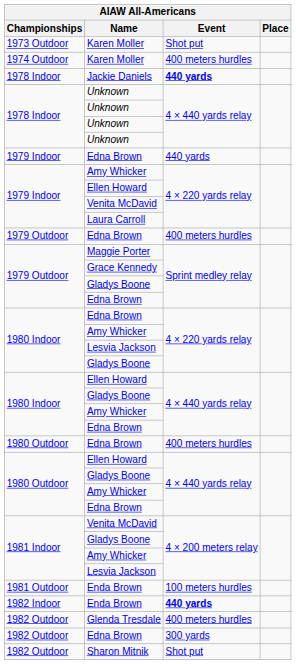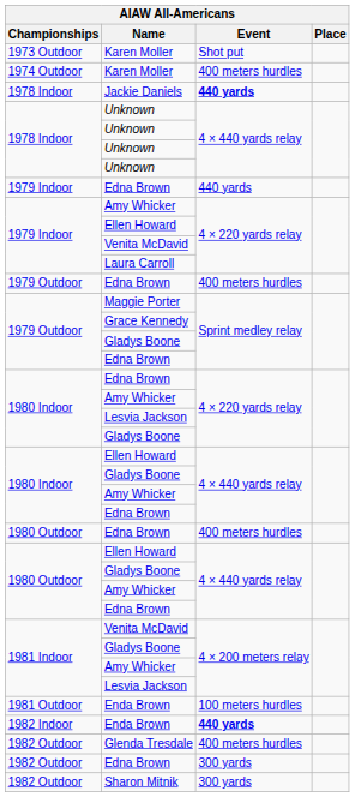 <table class="wikitable sortable">
 <tr>
 <th colspan="5">AIAW All-Americans</th>
 </tr>
 <tr>
 <th scope="col">Championships</th>
 <th scope="col">Name</th>
 <th scope="col">Event</th>
 <th scope="col">Place</th>
 </tr>
 <tr>
 <td><a href='#'>1973 Outdoor</a></td>
 <td><a href='#'>Karen Moller</a></td>
 <td><a href='#'>Shot put</a></td>
 <td></td>
 </tr>
 <tr>
 <td><a href='#'>1974 Outdoor</a></td>
 <td><a href='#'>Karen Moller</a></td>
 <td><a href='#'>400 meters hurdles</a></td>
 <td></td>
 </tr>
 <tr>
 <td><a href='#'>1978 Indoor</a></td>
 <td><a href='#'>Jackie Daniels</a></td>
 <td><strong><a href='#'>440 yards</a></strong></td>
 <td></td>
 </tr>
 <tr>
 <td rowspan=4><a href='#'>1978 Indoor</a></td>
 <td><em>Unknown</em></td>
 <td rowspan=4><a href='#'>4 × 440 yards relay</a></td>
 <td rowspan=4></td>
 </tr>
 <tr>
 <td><em>Unknown</em></td>
 </tr>
 <tr>
 <td><em>Unknown</em></td>
 </tr>
 <tr>
 <td><em>Unknown</em></td>
 </tr>
 <tr>
 <td><a href='#'>1979 Indoor</a></td>
 <td><a href='#'>Edna Brown</a></td>
 <td><a href='#'>440 yards</a></td>
 <td></td>
 </tr>
 <tr>
 <td rowspan=4><a href='#'>1979 Indoor</a></td>
 <td><a href='#'>Amy Whicker</a></td>
 <td rowspan=4><a href='#'>4 × 220 yards relay</a></td>
 <td rowspan=4></td>
 </tr>
 <tr>
 <td><a href='#'>Ellen Howard</a></td>
 </tr>
 <tr>
 <td><a href='#'>Venita McDavid</a></td>
 </tr>
 <tr>
 <td><a href='#'>Laura Carroll</a></td>
 </tr>
 <tr>
 <td><a href='#'>1979 Outdoor</a></td>
 <td><a href='#'>Edna Brown</a></td>
 <td><a href='#'>400 meters hurdles</a></td>
 <td></td>
 </tr>
 <tr>
 <td rowspan=4><a href='#'>1979 Outdoor</a></td>
 <td><a href='#'>Maggie Porter</a></td>
 <td rowspan=4><a href='#'>Sprint medley relay</a></td>
 <td rowspan=4></td>
 </tr>
 <tr>
 <td><a href='#'>Grace Kennedy</a></td>
 </tr>
 <tr>
 <td><a href='#'>Gladys Boone</a></td>
 </tr>
 <tr>
 <td><a href='#'>Edna Brown</a></td>
 </tr>
 <tr>
 <td rowspan=4><a href='#'>1980 Indoor</a></td>
 <td><a href='#'>Edna Brown</a></td>
 <td rowspan=4><a href='#'>4 × 220 yards relay</a></td>
 <td rowspan=4></td>
 </tr>
 <tr>
 <td><a href='#'>Amy Whicker</a></td>
 </tr>
 <tr>
 <td><a href='#'>Lesvia Jackson</a></td>
 </tr>
 <tr>
 <td><a href='#'>Gladys Boone</a></td>
 </tr>
 <tr>
 <td rowspan=4><a href='#'>1980 Indoor</a></td>
 <td><a href='#'>Ellen Howard</a></td>
 <td rowspan=4><a href='#'>4 × 440 yards relay</a></td>
 <td rowspan=4></td>
 </tr>
 <tr>
 <td><a href='#'>Gladys Boone</a></td>
 </tr>
 <tr>
 <td><a href='#'>Amy Whicker</a></td>
 </tr>
 <tr>
 <td><a href='#'>Edna Brown</a></td>
 </tr>
 <tr>
 <td><a href='#'>1980 Outdoor</a></td>
 <td><a href='#'>Edna Brown</a></td>
 <td><a href='#'>400 meters hurdles</a></td>
 <td></td>
 </tr>
 <tr>
 <td rowspan=4><a href='#'>1980 Outdoor</a></td>
 <td><a href='#'>Ellen Howard</a></td>
 <td rowspan=4><a href='#'>4 × 440 yards relay</a></td>
 <td rowspan=4></td>
 </tr>
 <tr>
 <td><a href='#'>Gladys Boone</a></td>
 </tr>
 <tr>
 <td><a href='#'>Amy Whicker</a></td>
 </tr>
 <tr>
 <td><a href='#'>Edna Brown</a></td>
 </tr>
 <tr>
 <td rowspan=4><a href='#'>1981 Indoor</a></td>
 <td><a href='#'>Venita McDavid</a></td>
 <td rowspan=4><a href='#'>4 × 200 meters relay</a></td>
 <td rowspan=4></td>
 </tr>
 <tr>
 <td><a href='#'>Gladys Boone</a></td>
 </tr>
 <tr>
 <td><a href='#'>Amy Whicker</a></td>
 </tr>
 <tr>
 <td><a href='#'>Lesvia Jackson</a></td>
 </tr>
 <tr>
 <td><a href='#'>1981 Outdoor</a></td>
 <td><a href='#'>Enda Brown</a></td>
 <td><a href='#'>100 meters hurdles</a></td>
 <td></td>
 </tr>
 <tr>
 <td><a href='#'>1982 Indoor</a></td>
 <td><a href='#'>Enda Brown</a></td>
 <td><strong><a href='#'>440 yards</a></strong></td>
 <td></td>
 </tr>
 <tr>
 <td><a href='#'>1982 Outdoor</a></td>
 <td><a href='#'>Glenda Tresdale</a></td>
 <td><a href='#'>400 meters hurdles</a></td>
 <td></td>
 </tr>
 <tr>
 <td><a href='#'>1982 Outdoor</a></td>
 <td><a href='#'>Edna Brown</a></td>
 <td><a href='#'>300 yards</a></td>
 <td></td>
 </tr>
 <tr>
 <td><a href='#'>1982 Outdoor</a></td>
 <td><a href='#'>Sharon Mitnik</a></td>
-<td><a href='#'>Shot put</a></td>
+<td><a href='#'>300 yards</a></td>
 <td rowspan=4></td>
 </tr>
 </table>
